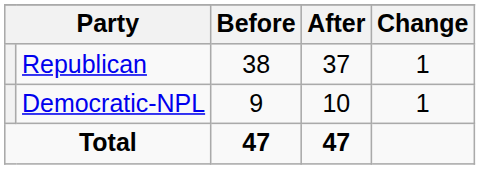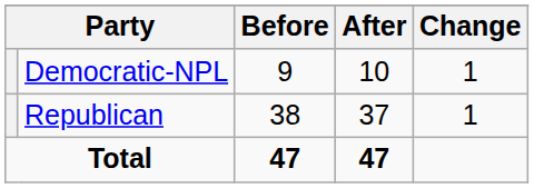 <table class="wikitable" style="text-align:center;">
 <tr>
 </tr>
 <tr>
 <th colspan=2>Party</th>
 <th>Before</th>
 <th>After</th>
 <th>Change</th>
 </tr>
 <tr>
 <th style="background-color:"></th>
-<td style="text-align:left;"><a href='#'>Republican</a></td>
-<td>38</td>
-<td>37</td>
+<td style="text-align:left;"><a href='#'>Democratic-NPL</a></td>
+<td>9</td>
+<td>10</td>
 <td> 1</td>
 </tr>
 <tr>
 <th style="background-color:"></th>
-<td style="text-align:left;"><a href='#'>Democratic-NPL</a></td>
-<td>9</td>
-<td>10</td>
+<td style="text-align:left;"><a href='#'>Republican</a></td>
+<td>38</td>
+<td>37</td>
 <td> 1</td>
 </tr>
 <tr>
 <td colspan=2><strong>Total</strong></td>
 <td><strong>47</strong></td>
 <td><strong>47</strong></td>
 <td></td>
 </tr>
 </table>
